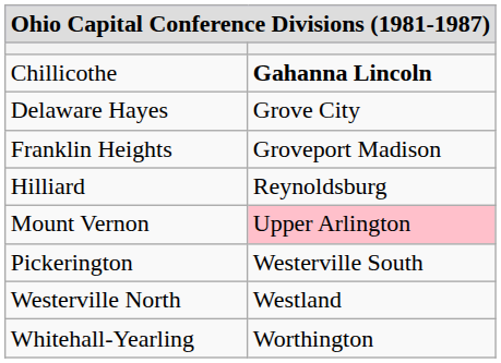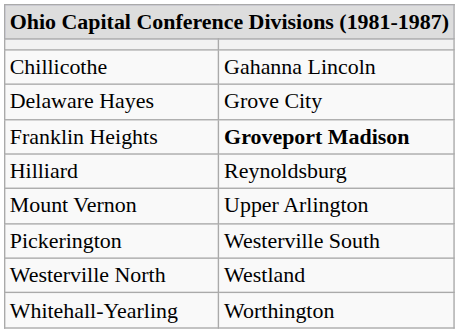 <table class="wikitable">
 <tr style="background:#ccf;">
 <th colspan="4" style="background:#ddd;">Ohio Capital Conference Divisions (1981-1987)</th>
 </tr>
 <tr>
 <th></th>
 <th></th>
 </tr>
 <tr>
 <td>Chillicothe</td>
-<td><strong>Gahanna Lincoln</strong></td>
+<td>Gahanna Lincoln</td>
 </tr>
 <tr>
 <td>Delaware Hayes</td>
 <td>Grove City</td>
 </tr>
 <tr>
 <td>Franklin Heights</td>
-<td>Groveport Madison</td>
+<td><strong>Groveport Madison</strong></td>
 </tr>
 <tr>
 <td>Hilliard</td>
 <td>Reynoldsburg</td>
 </tr>
 <tr>
 <td>Mount Vernon</td>
-<td style="background: pink;">Upper Arlington</td>
+<td>Upper Arlington</td>
 </tr>
 <tr>
 <td>Pickerington</td>
 <td>Westerville South</td>
 </tr>
 <tr>
 <td>Westerville North</td>
 <td>Westland</td>
 </tr>
 <tr>
 <td>Whitehall-Yearling</td>
 <td>Worthington</td>
 </tr>
 </table>
